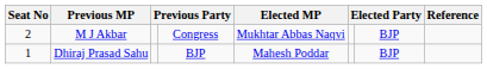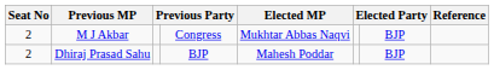 <table class="wikitable">
 <tr>
 <th>Seat No</th>
 <th>Previous MP</th>
 <th colspan=2>Previous Party</th>
 <th>Elected MP</th>
 <th colspan=2>Elected Party</th>
 <th>Reference</th>
 </tr>
 <tr style="text-align:center;">
 <td>2</td>
 <td><a href='#'>M J Akbar</a></td>
 <td width="1px"></td>
 <td><a href='#'>Congress</a></td>
 <td><a href='#'>Mukhtar Abbas Naqvi</a></td>
 <td width="1px"></td>
 <td><a href='#'>BJP</a></td>
 <td rowspan=1></td>
 </tr>
 <tr style="text-align:center;">
-<td>1</td>
+<td>2</td>
 <td><a href='#'>Dhiraj Prasad Sahu</a></td>
 <td width="1px"></td>
 <td><a href='#'>BJP</a></td>
 <td><a href='#'>Mahesh Poddar</a></td>
 <td width="1px"></td>
 <td><a href='#'>BJP</a></td>
 <td rowspan=1></td>
 </tr>
 </table>
